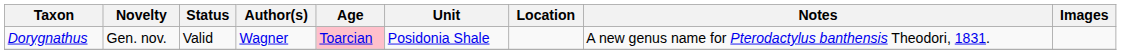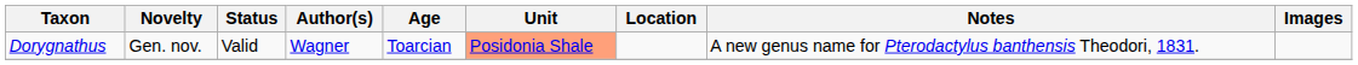 <table class="wikitable sortable" align="center" width="100%">
 <tr>
 <th>Taxon</th>
 <th>Novelty</th>
 <th>Status</th>
 <th>Author(s)</th>
 <th>Age</th>
 <th>Unit</th>
 <th>Location</th>
 <th>Notes</th>
 <th>Images</th>
 </tr>
 <tr>
 <td><em><a href='#'>Dorygnathus</a></em></td>
 <td>Gen. nov.</td>
 <td>Valid</td>
 <td><a href='#'>Wagner</a></td>
-<td style="background: pink;"><a href='#'>Toarcian</a></td>
-<td><a href='#'>Posidonia Shale</a></td>
+<td><a href='#'>Toarcian</a></td>
+<td style="background: lightsalmon;"><a href='#'>Posidonia Shale</a></td>
 <td></td>
 <td>A new genus name for <em><a href='#'>Pterodactylus banthensis</a></em> Theodori, <a href='#'>1831</a>.</td>
 <td></td>
 </tr>
 <tr>
 </tr>
 </table>
